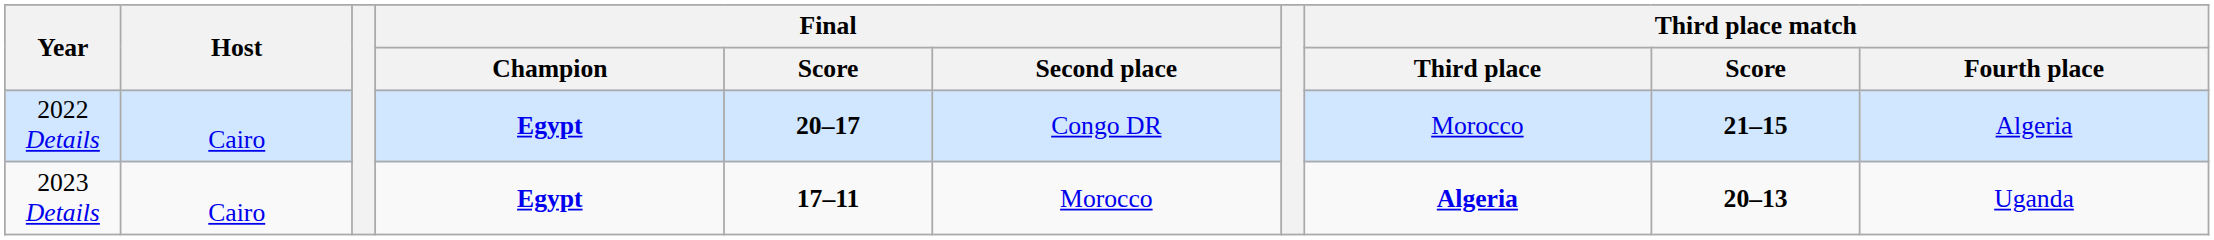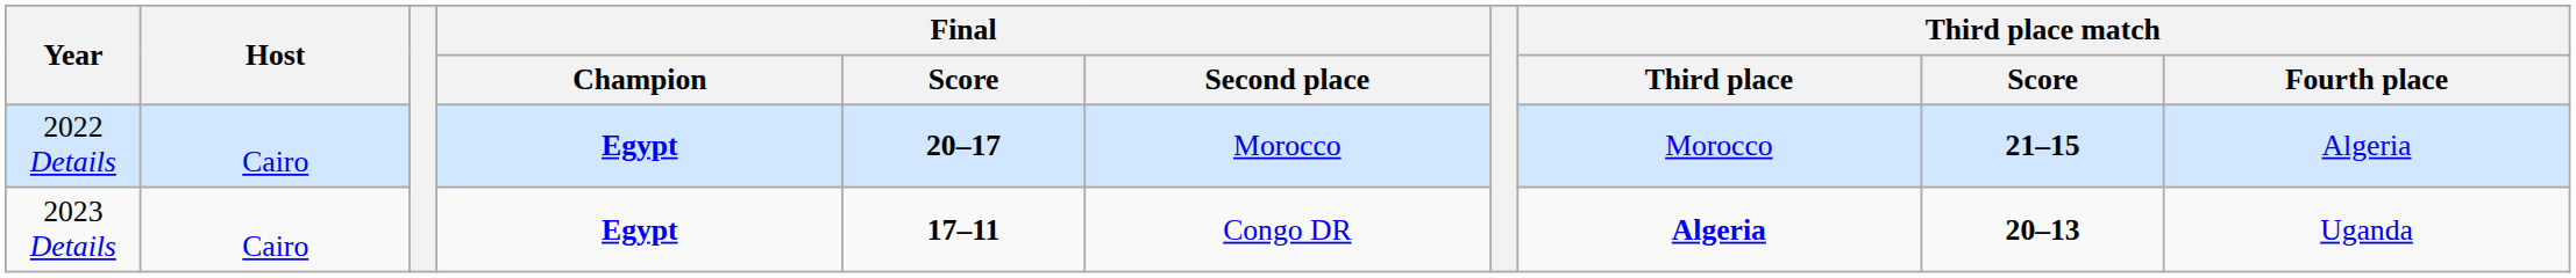 <table class="wikitable" style="font-size:90%; width: 98%; text-align: center;">
 <tr>
 <th rowspan="2" width="5%">Year</th>
 <th rowspan="2" width="10%">Host</th>
 <th rowspan="5" width="1%" bgcolor="ffffff"></th>
 <th colspan="3">Final</th>
 <th rowspan="5" width="1%" bgcolor="ffffff"></th>
 <th colspan="3">Third place match</th>
 </tr>
 <tr bgcolor="#EFEFEF">
 <th width="15%">Champion</th>
 <th width="9%">Score</th>
 <th width="15%">Second place</th>
 <th width="15%">Third place</th>
 <th width="9%">Score</th>
 <th width="15%">Fourth place</th>
 </tr>
 <tr bgcolor="#D0E7FF">
 <td>2022<br><em><a href='#'>Details</a></em></td>
 <td><br><a href='#'>Cairo</a></td>
 <td><strong> <a href='#'>Egypt</a></strong></td>
 <td><strong>20–17</strong></td>
-<td> <a href='#'>Congo DR</a></td>
+<td> <a href='#'>Morocco</a></td>
 <td> <a href='#'>Morocco</a></td>
 <td><strong>21–15</strong></td>
 <td> <a href='#'>Algeria</a></td>
 </tr>
 <tr>
 <td>2023<br><em><a href='#'>Details</a></em></td>
 <td><br><a href='#'>Cairo</a></td>
 <td><strong> <a href='#'>Egypt</a></strong></td>
 <td><strong>17–11</strong></td>
-<td> <a href='#'>Morocco</a></td>
+<td> <a href='#'>Congo DR</a></td>
 <td><strong> <a href='#'>Algeria</a></strong></td>
 <td><strong>20–13</strong></td>
 <td> <a href='#'>Uganda</a></td>
 </tr>
 </table>
